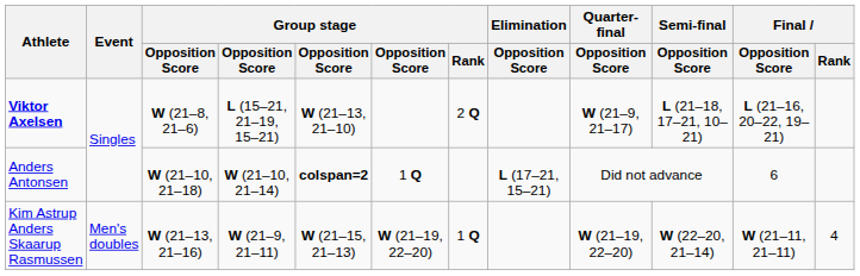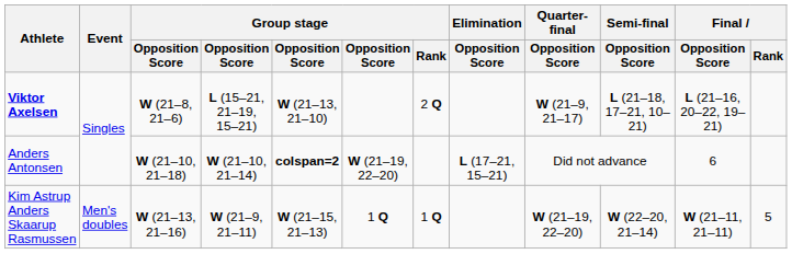 <table class="wikitable" style="font-size:90%">
 <tr>
 <th rowspan="2">Athlete</th>
 <th rowspan="2">Event</th>
 <th colspan="5">Group stage</th>
 <th>Elimination</th>
 <th>Quarter-final</th>
 <th>Semi-final</th>
 <th colspan="2">Final / </th>
 </tr>
 <tr style="font-size:95%">
 <th>Opposition<br>Score</th>
 <th>Opposition<br>Score</th>
 <th>Opposition<br>Score</th>
 <th>Opposition<br>Score</th>
 <th>Rank</th>
 <th>Opposition<br>Score</th>
 <th width=100>Opposition<br>Score</th>
 <th width=100>Opposition<br>Score</th>
 <th width=100>Opposition<br>Score</th>
 <th>Rank</th>
 </tr>
 <tr align="center">
 <td align="left"><strong><a href='#'>Viktor Axelsen</a></strong></td>
 <td align="left" rowspan="2"><a href='#'>Singles</a></td>
 <td><br><strong>W</strong> (21–8, 21–6)</td>
 <td><br><strong>L</strong> (15–21, 21–19, 15–21)</td>
 <td><br><strong>W</strong> (21–13, 21–10)</td>
 <td></td>
 <td>2 <strong>Q</strong></td>
 <td></td>
 <td><br><strong>W</strong> (21–9, 21–17)</td>
 <td><br><strong>L</strong> (21–18, 17–21, 10–21)</td>
 <td><br><strong>L</strong> (21–16, 20–22, 19–21)</td>
 <td></td>
 </tr>
 <tr align="center">
 <td align="left"><a href='#'>Anders Antonsen</a></td>
 <td><br><strong>W</strong> (21–10, 21–18)</td>
 <td><br><strong>W</strong> (21–10, 21–14)</td>
 <td><strong>colspan=2 </strong></td>
-<td>1 <strong>Q</strong></td>
+<td><br><strong>W</strong> (21–19, 22–20)</td>
 <td></td>
 <td><br><strong>L</strong> (17–21, 15–21)</td>
 <td colspan=2>Did not advance</td>
 <td>6</td>
 </tr>
 <tr align="center">
 <td align="left"><a href='#'>Kim Astrup</a><br><a href='#'>Anders Skaarup Rasmussen</a></td>
 <td align="left"><a href='#'>Men's doubles</a></td>
 <td><br><strong>W</strong> (21–13, 21–16)</td>
 <td><br><strong>W</strong> (21–9, 21–11)</td>
 <td><br><strong>W</strong> (21–15, 21–13)</td>
-<td><br><strong>W</strong> (21–19, 22–20)</td>
+<td>1 <strong>Q</strong></td>
 <td>1 <strong>Q</strong></td>
 <td></td>
 <td><br><strong>W</strong> (21–19, 22–20)</td>
 <td><br><strong>W</strong> (22–20, 21–14)</td>
 <td><br><strong>W</strong> (21–11, 21–11)</td>
-<td>4</td>
+<td>5</td>
 </tr>
 </table>
